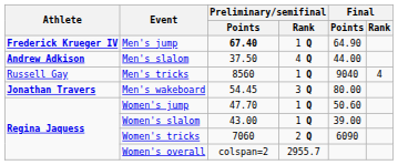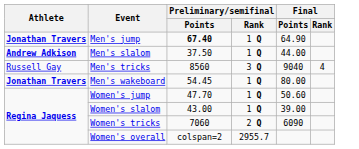 <table class=wikitable style="font-size:90%">
 <tr>
 <th rowspan=2>Athlete</th>
 <th rowspan=2>Event</th>
 <th colspan=2>Preliminary/semifinal</th>
 <th colspan=2>Final</th>
 </tr>
 <tr>
 <th>Points</th>
 <th>Rank</th>
 <th>Points</th>
 <th>Rank</th>
 </tr>
 <tr align=center>
-<td align=left><strong><a href='#'>Frederick Krueger IV</a></strong></td>
+<td align=left><strong><a href='#'>Jonathan Travers</a></strong></td>
 <td align=left><a href='#'>Men's jump</a></td>
 <td><strong>67.40</strong></td>
 <td>1 <strong>Q</strong></td>
 <td>64.90</td>
 <td></td>
 </tr>
 <tr align=center>
 <td align=left><strong><a href='#'>Andrew Adkison</a></strong></td>
 <td align=left><a href='#'>Men's slalom</a></td>
 <td>37.50</td>
-<td>4 <strong>Q</strong></td>
+<td>1 <strong>Q</strong></td>
 <td>44.00</td>
 <td></td>
 </tr>
 <tr align=center>
 <td align=left><a href='#'>Russell Gay</a></td>
 <td align=left><a href='#'>Men's tricks</a></td>
 <td>8560</td>
-<td>1 <strong>Q</strong></td>
+<td>3 <strong>Q</strong></td>
 <td>9040</td>
 <td>4</td>
 </tr>
 <tr align=center>
 <td align=left><strong><a href='#'>Jonathan Travers</a></strong></td>
 <td align=left><a href='#'>Men's wakeboard</a></td>
 <td>54.45</td>
-<td>3 <strong>Q</strong></td>
+<td>1 <strong>Q</strong></td>
 <td>80.00</td>
 <td></td>
 </tr>
 <tr align=center>
 <td align=left rowspan=4><strong><a href='#'>Regina Jaquess</a></strong></td>
 <td align=left><a href='#'>Women's jump</a></td>
 <td>47.70</td>
 <td>1 <strong>Q</strong></td>
 <td>50.60</td>
 <td></td>
 </tr>
 <tr align=center>
 <td align=left><a href='#'>Women's slalom</a></td>
 <td>43.00</td>
 <td>1 <strong>Q</strong></td>
 <td>39.00</td>
 <td></td>
 </tr>
 <tr align=center>
 <td align=left><a href='#'>Women's tricks</a></td>
 <td>7060</td>
 <td>2 <strong>Q</strong></td>
 <td>6090</td>
 <td></td>
 </tr>
 <tr align=center>
 <td align=left><a href='#'>Women's overall</a></td>
 <td>colspan=2 </td>
 <td>2955.7</td>
 <td></td>
 </tr>
 </table>
